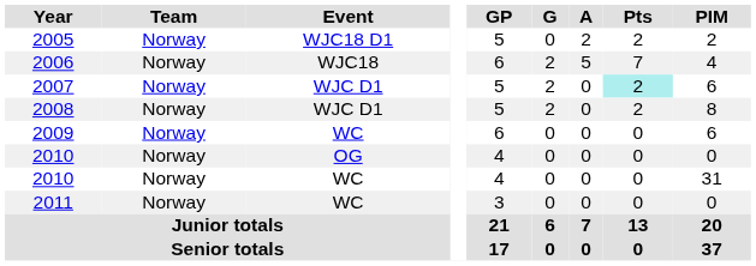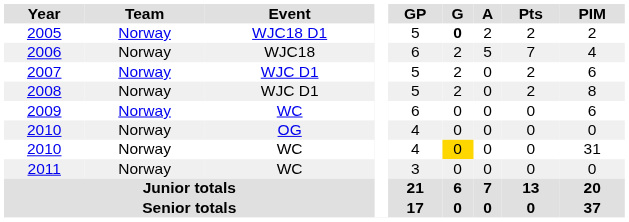 <table border="0" cellpadding="1" cellspacing="0" style="text-align:center; width:40em">
 <tr ALIGN="center" bgcolor="#e0e0e0">
 <th>Year</th>
 <th>Team</th>
 <th>Event</th>
 <th ALIGN="center" rowspan="99" bgcolor="#ffffff"> </th>
 <th>GP</th>
 <th>G</th>
 <th>A</th>
 <th>Pts</th>
 <th>PIM</th>
 </tr>
 <tr>
 <td><a href='#'>2005</a></td>
 <td><a href='#'>Norway</a></td>
 <td><a href='#'>WJC18 D1</a></td>
 <td>5</td>
-<td>0</td>
+<td><strong>0</strong></td>
 <td>2</td>
 <td>2</td>
 <td>2</td>
 </tr>
 <tr bgcolor="#f0f0f0">
 <td><a href='#'>2006</a></td>
 <td>Norway</td>
 <td>WJC18</td>
 <td>6</td>
 <td>2</td>
 <td>5</td>
 <td>7</td>
 <td>4</td>
 </tr>
 <tr>
 <td><a href='#'>2007</a></td>
 <td><a href='#'>Norway</a></td>
 <td><a href='#'>WJC D1</a></td>
 <td>5</td>
 <td>2</td>
 <td>0</td>
-<td style="background: paleturquoise;">2</td>
+<td>2</td>
 <td>6</td>
 </tr>
 <tr bgcolor="#f0f0f0">
 <td><a href='#'>2008</a></td>
 <td>Norway</td>
 <td>WJC D1</td>
 <td>5</td>
 <td>2</td>
 <td>0</td>
 <td>2</td>
 <td>8</td>
 </tr>
 <tr>
 <td><a href='#'>2009</a></td>
 <td><a href='#'>Norway</a></td>
 <td><a href='#'>WC</a></td>
 <td>6</td>
 <td>0</td>
 <td>0</td>
 <td>0</td>
 <td>6</td>
 </tr>
 <tr bgcolor="#f0f0f0">
 <td><a href='#'>2010</a></td>
 <td>Norway</td>
 <td><a href='#'>OG</a></td>
 <td>4</td>
 <td>0</td>
 <td>0</td>
 <td>0</td>
 <td>0</td>
 </tr>
 <tr>
 <td><a href='#'>2010</a></td>
 <td>Norway</td>
 <td>WC</td>
 <td>4</td>
-<td>0</td>
+<td style="background: gold;">0</td>
 <td>0</td>
 <td>0</td>
 <td>31</td>
 </tr>
 <tr bgcolor="#f0f0f0">
 <td><a href='#'>2011</a></td>
 <td>Norway</td>
 <td>WC</td>
 <td>3</td>
 <td>0</td>
 <td>0</td>
 <td>0</td>
 <td>0</td>
 </tr>
 <tr bgcolor="#e0e0e0">
 <th colspan="3">Junior totals</th>
 <th>21</th>
 <th>6</th>
 <th>7</th>
 <th>13</th>
 <th>20</th>
 </tr>
 <tr bgcolor="#e0e0e0">
 <th colspan="3">Senior totals</th>
 <th>17</th>
 <th>0</th>
 <th>0</th>
 <th>0</th>
 <th>37</th>
 </tr>
 </table>
